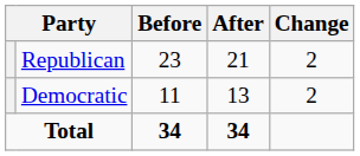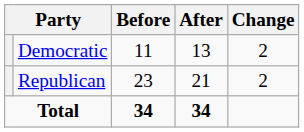 <table class="wikitable" style="text-align:center;">
 <tr>
 <th colspan="2">Party</th>
 <th>Before</th>
 <th>After</th>
 <th>Change</th>
 </tr>
 <tr>
 <th style="background-color:"></th>
-<td style="text-align:left;"><a href='#'>Republican</a></td>
-<td>23</td>
-<td>21</td>
+<td style="text-align:left;"><a href='#'>Democratic</a></td>
+<td>11</td>
+<td>13</td>
 <td> 2</td>
 </tr>
 <tr>
 <th style="background-color:"></th>
-<td style="text-align:left;"><a href='#'>Democratic</a></td>
-<td>11</td>
-<td>13</td>
+<td style="text-align:left;"><a href='#'>Republican</a></td>
+<td>23</td>
+<td>21</td>
 <td> 2</td>
 </tr>
 <tr>
 <td colspan="2"><strong>Total</strong></td>
 <td><strong>34</strong></td>
 <td><strong>34</strong></td>
 <td></td>
 </tr>
 </table>
